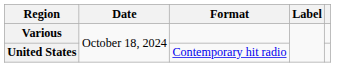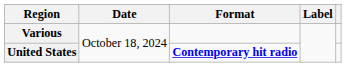 <table class="wikitable plainrowheaders">
 <tr>
 <th scope="col">Region</th>
 <th scope="col">Date</th>
 <th scope="col">Format</th>
 <th scope="col">Label</th>
 <th scope="col"></th>
 </tr>
 <tr>
 <th scope="row">Various</th>
 <td rowspan="2">October 18, 2024</td>
 <td></td>
 <td rowspan="2"></td>
 <td style="text-align:center;"></td>
 </tr>
 <tr>
 <th scope="row">United States</th>
-<td><a href='#'>Contemporary hit radio</a></td>
+<td><strong><a href='#'>Contemporary hit radio</a></strong></td>
 <td style="text-align:center;"></td>
 </tr>
 </table>
